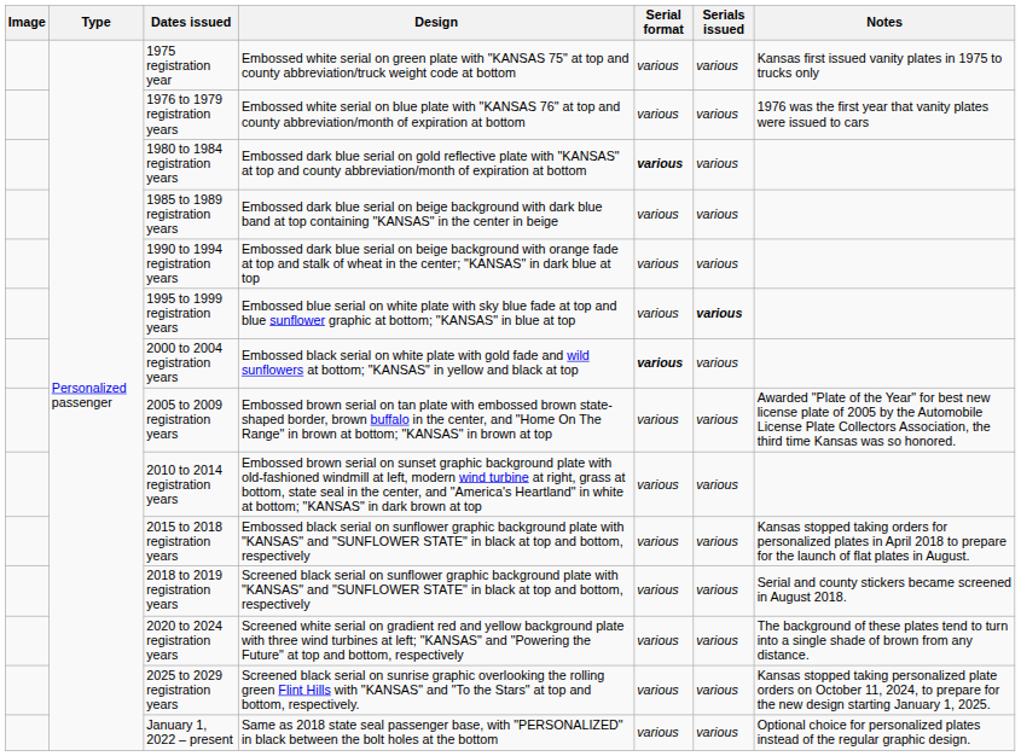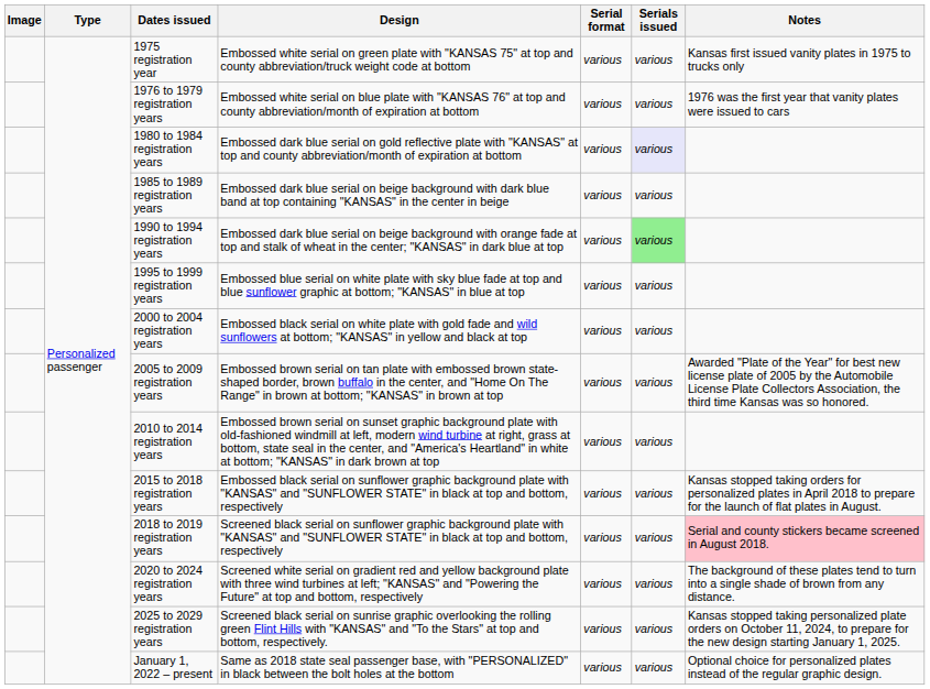 <table class="wikitable">
 <tr>
 <th>Image</th>
 <th>Type</th>
 <th>Dates issued</th>
 <th>Design</th>
 <th>Serial format</th>
 <th>Serials issued</th>
 <th>Notes</th>
 </tr>
 <tr>
 <td></td>
 <td rowspan="14"><a href='#'>Personalized</a> passenger</td>
 <td>1975 registration year</td>
 <td>Embossed white serial on green plate with "KANSAS 75" at top and county abbreviation/truck weight code at bottom</td>
 <td><em>various</em></td>
 <td><em>various</em></td>
 <td>Kansas first issued vanity plates in 1975 to trucks only</td>
 </tr>
 <tr>
 <td></td>
 <td>1976 to 1979 registration years</td>
 <td>Embossed white serial on blue plate with "KANSAS 76" at top and county abbreviation/month of expiration at bottom</td>
 <td><em>various</em></td>
 <td><em>various</em></td>
 <td>1976 was the first year that vanity plates were issued to cars</td>
 </tr>
 <tr>
 <td></td>
 <td>1980 to 1984 registration years</td>
 <td>Embossed dark blue serial on gold reflective plate with "KANSAS" at top and county abbreviation/month of expiration at bottom</td>
-<td><strong><em>various</em></strong></td>
 <td><em>various</em></td>
+<td style="background: lavender;"><em>various</em></td>
 <td></td>
 </tr>
 <tr>
 <td></td>
 <td>1985 to 1989 registration years</td>
 <td>Embossed dark blue serial on beige background with dark blue band at top containing "KANSAS" in the center in beige</td>
 <td><em>various</em></td>
 <td><em>various</em></td>
 <td></td>
 </tr>
 <tr>
 <td></td>
 <td>1990 to 1994 registration years</td>
 <td>Embossed dark blue serial on beige background with orange fade  at top and stalk of wheat in the center; "KANSAS" in dark blue at top</td>
 <td><em>various</em></td>
-<td><em>various</em></td>
+<td style="background: lightgreen;"><em>various</em></td>
 <td></td>
 </tr>
 <tr>
 <td></td>
 <td>1995 to 1999 registration years</td>
 <td>Embossed blue serial on white plate with sky blue fade at top and blue <a href='#'>sunflower</a> graphic at bottom; "KANSAS" in blue at top</td>
 <td><em>various</em></td>
-<td><strong><em>various</em></strong></td>
+<td><em>various</em></td>
 <td></td>
 </tr>
 <tr>
 <td></td>
 <td>2000 to 2004 registration years</td>
 <td>Embossed black serial on white plate with gold fade and <a href='#'>wild sunflowers</a> at bottom; "KANSAS" in yellow and black at top</td>
-<td><strong><em>various</em></strong></td>
+<td><em>various</em></td>
 <td><em>various</em></td>
 <td></td>
 </tr>
 <tr>
 <td></td>
 <td>2005 to 2009 registration years</td>
 <td>Embossed brown serial on tan plate with embossed brown state-shaped border, brown <a href='#'>buffalo</a> in the center, and "Home On The Range" in brown at bottom; "KANSAS" in brown at top</td>
 <td><em>various</em></td>
 <td><em>various</em></td>
 <td>Awarded "Plate of the Year" for best new license plate of 2005 by the Automobile License Plate Collectors Association, the third time Kansas was so honored.</td>
 </tr>
 <tr>
 <td></td>
 <td>2010 to 2014 registration years</td>
 <td>Embossed brown serial on sunset graphic background plate with old-fashioned windmill at left, modern <a href='#'>wind turbine</a> at right, grass at bottom, state seal in the center, and "America's Heartland" in white at bottom; "KANSAS" in dark brown at top</td>
 <td><em>various</em></td>
 <td><em>various</em></td>
 <td></td>
 </tr>
 <tr>
 <td></td>
 <td>2015 to 2018 registration years</td>
 <td>Embossed black serial on sunflower graphic background plate with "KANSAS" and "SUNFLOWER STATE" in black at top and bottom, respectively</td>
 <td><em>various</em></td>
 <td><em>various</em></td>
 <td>Kansas stopped taking orders for personalized plates in April 2018 to prepare for the launch of flat plates in August.</td>
 </tr>
 <tr>
 <td></td>
 <td>2018 to 2019 registration years</td>
 <td>Screened black serial on sunflower graphic background plate with "KANSAS" and "SUNFLOWER STATE" in black at top and bottom, respectively</td>
 <td><em>various</em></td>
 <td><em>various</em></td>
-<td>Serial and county stickers became screened in August 2018.</td>
+<td style="background: pink;">Serial and county stickers became screened in August 2018.</td>
 </tr>
 <tr>
 <td></td>
 <td>2020 to 2024 registration years</td>
 <td>Screened white serial on gradient red and yellow background plate with three wind turbines at left; "KANSAS" and "Powering the Future" at top and bottom, respectively</td>
 <td><em>various</em></td>
 <td><em>various</em></td>
 <td>The background of these plates tend to turn into a single shade of brown from any distance.</td>
 </tr>
 <tr>
 <td></td>
 <td>2025 to 2029 registration years</td>
 <td>Screened black serial on sunrise graphic overlooking the rolling green <a href='#'>Flint Hills</a> with "KANSAS" and "To the Stars" at top and bottom, respectively.</td>
 <td><em>various</em></td>
 <td><em>various</em></td>
 <td>Kansas stopped taking personalized plate orders on October 11, 2024, to prepare for the new design starting January 1, 2025.</td>
 </tr>
 <tr>
 <td></td>
 <td>January 1, 2022 – present</td>
 <td>Same as 2018 state seal passenger base, with "PERSONALIZED" in black between the bolt holes at the bottom</td>
 <td><em>various</em></td>
 <td><em>various</em></td>
 <td>Optional choice for personalized plates instead of the regular graphic design.</td>
 </tr>
 </table>
